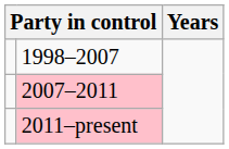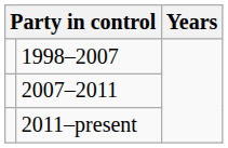 <table class="wikitable">
 <tr>
 <th colspan="2">Party in control</th>
 <th>Years</th>
 </tr>
 <tr>
 <td></td>
 <td>1998–2007</td>
 </tr>
 <tr>
 <td></td>
-<td style="background: pink;">2007–2011</td>
+<td>2007–2011</td>
 </tr>
 <tr>
 <td></td>
-<td style="background: pink;">2011–present</td>
+<td>2011–present</td>
 </tr>
 </table>
